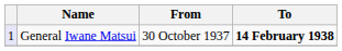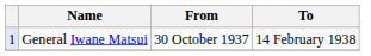 <table class=wikitable>
 <tr>
 <th></th>
 <th>Name</th>
 <th>From</th>
 <th>To</th>
 </tr>
 <tr>
 <td style="background: lavender;">1</td>
 <td>General <a href='#'>Iwane Matsui</a></td>
 <td>30 October 1937</td>
-<td><strong>14 February 1938</strong></td>
+<td>14 February 1938</td>
 </tr>
 <tr>
 </tr>
 </table>
